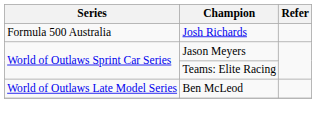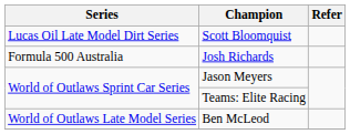 <table class="wikitable" style="font-size:87%;">
 <tr>
 <th>Series</th>
 <th>Champion</th>
 <th>Refer</th>
+</tr>
+<tr>
+<td><a href='#'>Lucas Oil Late Model Dirt Series</a></td>
+<td> <a href='#'>Scott Bloomquist</a></td>
+<td></td>
 </tr>
 <tr>
 <td>Formula 500 Australia</td>
 <td> <a href='#'>Josh Richards</a></td>
 <td></td>
 </tr>
 <tr>
 <td rowspan=2><a href='#'>World of Outlaws Sprint Car Series</a></td>
 <td> Jason Meyers</td>
 <td rowspan=2></td>
 </tr>
 <tr>
 <td>Teams:  Elite Racing</td>
 </tr>
 <tr>
 <td><a href='#'>World of Outlaws Late Model Series</a></td>
 <td> Ben McLeod</td>
 <td></td>
 </tr>
 <tr>
 </tr>
 </table>
